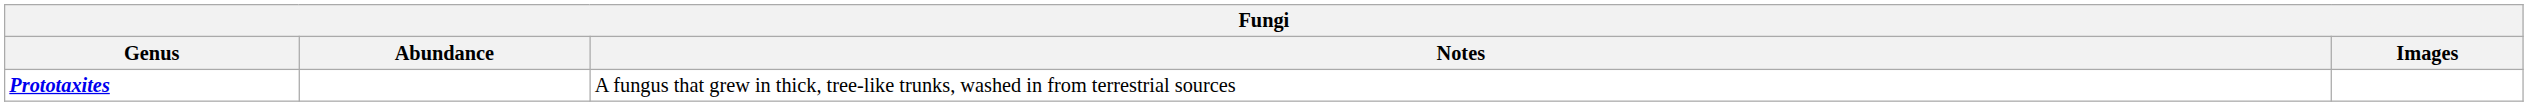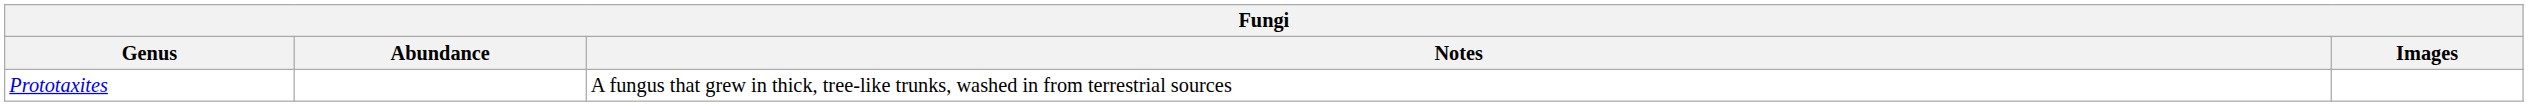 <table class="wikitable sortable" style="background:white; width:100%;">
 <tr>
 <th colspan="5" align="center">Fungi</th>
 </tr>
 <tr>
 <th>Genus</th>
 <th>Abundance</th>
 <th>Notes</th>
 <th>Images</th>
 </tr>
 <tr>
-<td><strong><em><a href='#'>Prototaxites</a></em></strong></td>
+<td><em><a href='#'>Prototaxites</a></em></td>
 <td></td>
 <td>A fungus that grew in thick, tree-like trunks, washed in from terrestrial sources</td>
 <td></td>
 </tr>
 </table>
